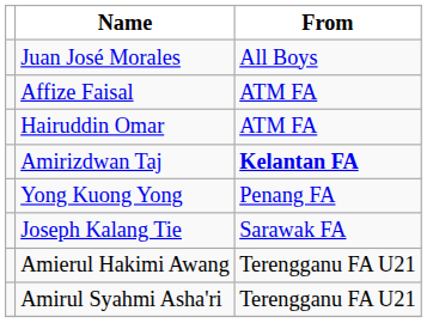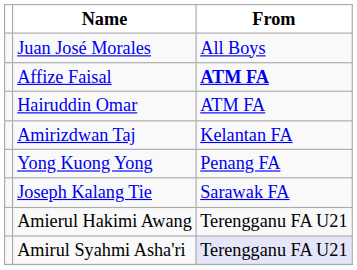 <table class="wikitable sortable">
 <tr>
 <th style="background:White; color:Black;"></th>
 <th style="background:White; color:Black;">Name</th>
 <th style="background:White; color:Black;">From</th>
 </tr>
 <tr>
 <td></td>
 <td> <a href='#'>Juan José Morales</a></td>
 <td> <a href='#'>All Boys</a></td>
 </tr>
 <tr>
 <td></td>
 <td> <a href='#'>Affize Faisal</a></td>
-<td> <a href='#'>ATM FA</a></td>
+<td><strong> <a href='#'>ATM FA</a></strong></td>
 </tr>
 <tr>
 <td></td>
 <td> <a href='#'>Hairuddin Omar</a></td>
 <td> <a href='#'>ATM FA</a></td>
 </tr>
 <tr>
 <td></td>
 <td> <a href='#'>Amirizdwan Taj</a></td>
-<td><strong> <a href='#'>Kelantan FA</a></strong></td>
+<td> <a href='#'>Kelantan FA</a></td>
 </tr>
 <tr>
 <td></td>
 <td> <a href='#'>Yong Kuong Yong</a></td>
 <td> <a href='#'>Penang FA</a></td>
 </tr>
 <tr>
 <td></td>
 <td> <a href='#'>Joseph Kalang Tie</a></td>
 <td> <a href='#'>Sarawak FA</a></td>
 </tr>
 <tr>
 <td></td>
 <td> Amierul Hakimi Awang</td>
 <td> Terengganu FA U21</td>
 </tr>
 <tr>
 <td></td>
 <td> Amirul Syahmi Asha'ri</td>
-<td> Terengganu FA U21</td>
+<td style="background: lavender;"> Terengganu FA U21</td>
 </tr>
 <tr>
 </tr>
 </table>
